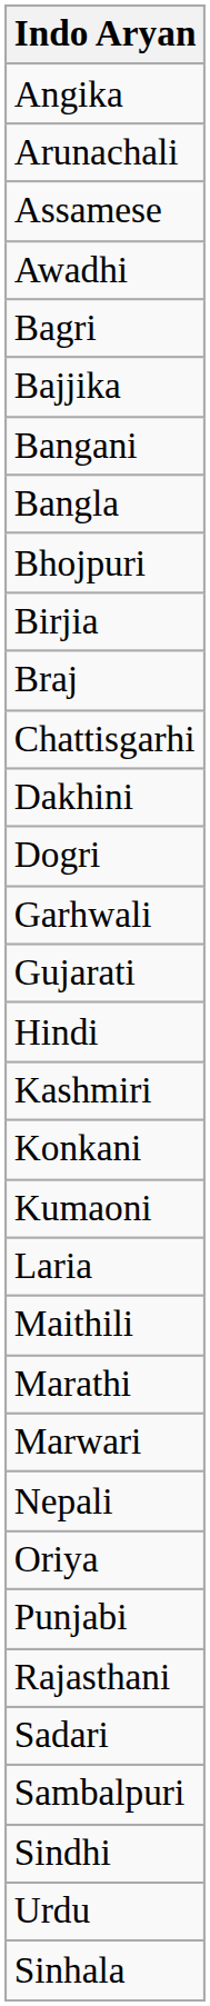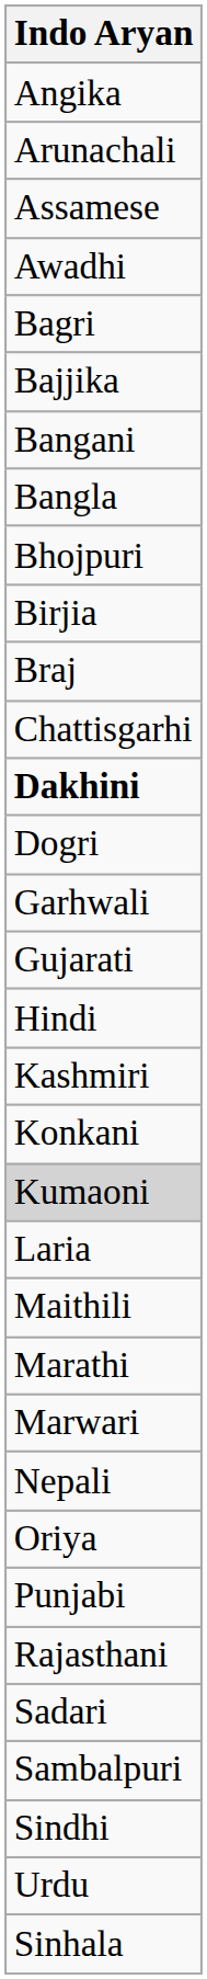 <table class="wikitable">
 <tr>
 <th>Indo Aryan</th>
 </tr>
 <tr>
 <td>Angika</td>
 </tr>
 <tr>
 <td>Arunachali</td>
 </tr>
 <tr>
 <td>Assamese</td>
 </tr>
 <tr>
 <td>Awadhi</td>
 </tr>
 <tr>
 <td>Bagri</td>
 </tr>
 <tr>
 <td>Bajjika</td>
 </tr>
 <tr>
 <td>Bangani</td>
 </tr>
 <tr>
 <td>Bangla</td>
 </tr>
 <tr>
 <td>Bhojpuri</td>
 </tr>
 <tr>
 <td>Birjia</td>
 </tr>
 <tr>
 <td>Braj</td>
 </tr>
 <tr>
 <td>Chattisgarhi</td>
 </tr>
 <tr>
-<td>Dakhini</td>
+<td><strong>Dakhini</strong></td>
 </tr>
 <tr>
 <td>Dogri</td>
 </tr>
 <tr>
 <td>Garhwali</td>
 </tr>
 <tr>
 <td>Gujarati</td>
 </tr>
 <tr>
 <td>Hindi</td>
 </tr>
 <tr>
 <td>Kashmiri</td>
 </tr>
 <tr>
 <td>Konkani</td>
 </tr>
 <tr>
-<td>Kumaoni</td>
+<td style="background: lightgrey;">Kumaoni</td>
 </tr>
 <tr>
 <td>Laria</td>
 </tr>
 <tr>
 <td>Maithili</td>
 </tr>
 <tr>
 <td>Marathi</td>
 </tr>
 <tr>
 <td>Marwari</td>
 </tr>
 <tr>
 <td>Nepali</td>
 </tr>
 <tr>
 <td>Oriya</td>
 </tr>
 <tr>
 <td>Punjabi</td>
 </tr>
 <tr>
 <td>Rajasthani</td>
 </tr>
 <tr>
 <td>Sadari</td>
 </tr>
 <tr>
 <td>Sambalpuri</td>
 </tr>
 <tr>
 <td>Sindhi</td>
 </tr>
 <tr>
 <td>Urdu</td>
 </tr>
 <tr>
 <td>Sinhala</td>
 </tr>
 </table>
